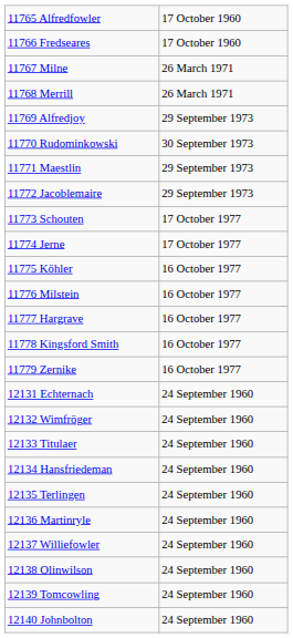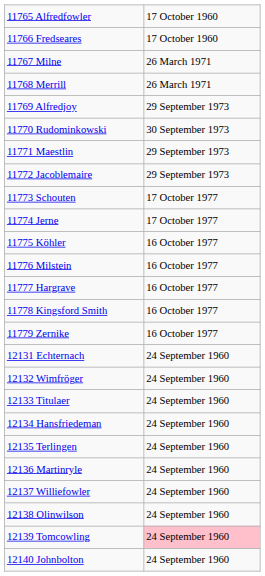 <table class="wikitable" style="font-size: 89%; float: left; width: 24em; margin-right: 1em; line-height: 1.65em">
 <tr>
 <td><a href='#'>11765 Alfredfowler</a></td>
 <td>17 October 1960</td>
 </tr>
 <tr>
 <td><a href='#'>11766 Fredseares</a></td>
 <td>17 October 1960</td>
 </tr>
 <tr>
 <td><a href='#'>11767 Milne</a></td>
 <td>26 March 1971</td>
 </tr>
 <tr>
 <td><a href='#'>11768 Merrill</a></td>
 <td>26 March 1971</td>
 </tr>
 <tr>
 <td><a href='#'>11769 Alfredjoy</a></td>
 <td>29 September 1973</td>
 </tr>
 <tr>
 <td><a href='#'>11770 Rudominkowski</a></td>
 <td>30 September 1973</td>
 </tr>
 <tr>
 <td><a href='#'>11771 Maestlin</a></td>
 <td>29 September 1973</td>
 </tr>
 <tr>
 <td><a href='#'>11772 Jacoblemaire</a></td>
 <td>29 September 1973</td>
 </tr>
 <tr>
 <td><a href='#'>11773 Schouten</a></td>
 <td>17 October 1977</td>
 </tr>
 <tr>
 <td><a href='#'>11774 Jerne</a></td>
 <td>17 October 1977</td>
 </tr>
 <tr>
 <td><a href='#'>11775 Köhler</a></td>
 <td>16 October 1977</td>
 </tr>
 <tr>
 <td><a href='#'>11776 Milstein</a></td>
 <td>16 October 1977</td>
 </tr>
 <tr>
 <td><a href='#'>11777 Hargrave</a></td>
 <td>16 October 1977</td>
 </tr>
 <tr>
 <td><a href='#'>11778 Kingsford Smith</a></td>
 <td>16 October 1977</td>
 </tr>
 <tr>
 <td><a href='#'>11779 Zernike</a></td>
 <td>16 October 1977</td>
 </tr>
 <tr>
 <td><a href='#'>12131 Echternach</a></td>
 <td>24 September 1960</td>
 </tr>
 <tr>
 <td><a href='#'>12132 Wimfröger</a></td>
 <td>24 September 1960</td>
 </tr>
 <tr>
 <td><a href='#'>12133 Titulaer</a></td>
 <td>24 September 1960</td>
 </tr>
 <tr>
 <td><a href='#'>12134 Hansfriedeman</a></td>
 <td>24 September 1960</td>
 </tr>
 <tr>
 <td><a href='#'>12135 Terlingen</a></td>
 <td>24 September 1960</td>
 </tr>
 <tr>
 <td><a href='#'>12136 Martinryle</a></td>
 <td>24 September 1960</td>
 </tr>
 <tr>
 <td><a href='#'>12137 Williefowler</a></td>
 <td>24 September 1960</td>
 </tr>
 <tr>
 <td><a href='#'>12138 Olinwilson</a></td>
 <td>24 September 1960</td>
 </tr>
 <tr>
 <td><a href='#'>12139 Tomcowling</a></td>
-<td>24 September 1960</td>
+<td style="background: pink;">24 September 1960</td>
 </tr>
 <tr>
 <td><a href='#'>12140 Johnbolton</a></td>
 <td>24 September 1960</td>
 </tr>
 </table>
